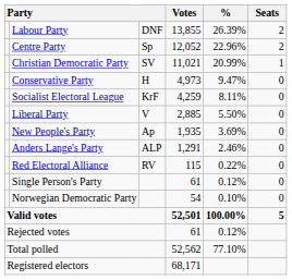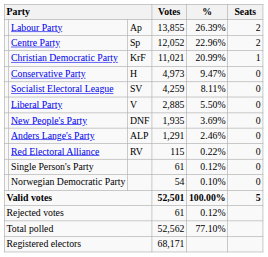 <table class="wikitable" border="1" style="text-align:right;">
 <tr>
 <th style="text-align:left;" colspan=3>Party</th>
 <th align=center width="50">Votes</th>
 <th align=center width="50">%</th>
 <th align=center width="50">Seats</th>
 </tr>
 <tr>
 <td style="color:inherit;background:"></td>
 <td align=left><a href='#'>Labour Party</a></td>
-<td align=left>DNF</td>
+<td align=left>Ap</td>
 <td>13,855</td>
 <td>26.39%</td>
 <td>2</td>
 </tr>
 <tr>
 <td style="color:inherit;background:"></td>
 <td align=left><a href='#'>Centre Party</a></td>
 <td align=left>Sp</td>
 <td>12,052</td>
 <td>22.96%</td>
 <td>2</td>
 </tr>
 <tr>
 <td style="color:inherit;background:"></td>
 <td align=left><a href='#'>Christian Democratic Party</a></td>
-<td align=left>SV</td>
+<td align=left>KrF</td>
 <td>11,021</td>
 <td>20.99%</td>
 <td>1</td>
 </tr>
 <tr>
 <td style="color:inherit;background:"></td>
 <td align=left><a href='#'>Conservative Party</a></td>
 <td align=left>H</td>
 <td>4,973</td>
 <td>9.47%</td>
 <td>0</td>
 </tr>
 <tr>
 <td style="color:inherit;background:"></td>
 <td align=left><a href='#'>Socialist Electoral League</a></td>
-<td align=left>KrF</td>
+<td align=left>SV</td>
 <td>4,259</td>
 <td>8.11%</td>
 <td>0</td>
 </tr>
 <tr>
 <td style="color:inherit;background:"></td>
 <td align=left><a href='#'>Liberal Party</a></td>
 <td align=left>V</td>
 <td>2,885</td>
 <td>5.50%</td>
 <td>0</td>
 </tr>
 <tr>
 <td style="color:inherit;background:"></td>
 <td align=left><a href='#'>New People's Party</a></td>
-<td align=left>Ap</td>
+<td align=left>DNF</td>
 <td>1,935</td>
 <td>3.69%</td>
 <td>0</td>
 </tr>
 <tr>
 <td style="color:inherit;background:"></td>
 <td align=left><a href='#'>Anders Lange's Party</a></td>
 <td align=left>ALP</td>
 <td>1,291</td>
 <td>2.46%</td>
 <td>0</td>
 </tr>
 <tr>
 <td style="color:inherit;background:"></td>
 <td align=left><a href='#'>Red Electoral Alliance</a></td>
 <td align=left>RV</td>
 <td>115</td>
 <td>0.22%</td>
 <td>0</td>
 </tr>
 <tr>
 <td></td>
 <td align=left>Single Person's Party</td>
 <td align=left></td>
 <td>61</td>
 <td>0.12%</td>
 <td>0</td>
 </tr>
 <tr>
 <td></td>
 <td align=left>Norwegian Democratic Party</td>
 <td align=left></td>
 <td>54</td>
 <td>0.10%</td>
 <td>0</td>
 </tr>
 <tr style="font-weight:bold">
 <td align=left colspan=3>Valid votes</td>
 <td>52,501</td>
 <td>100.00%</td>
 <td>5</td>
 </tr>
 <tr>
 <td align=left colspan=3>Rejected votes</td>
 <td>61</td>
 <td>0.12%</td>
 <td></td>
 </tr>
 <tr>
 <td align=left colspan=3>Total polled</td>
 <td>52,562</td>
 <td>77.10%</td>
 <td></td>
 </tr>
 <tr>
 <td align=left colspan=3>Registered electors</td>
 <td>68,171</td>
 <td></td>
 <td></td>
 </tr>
 </table>
